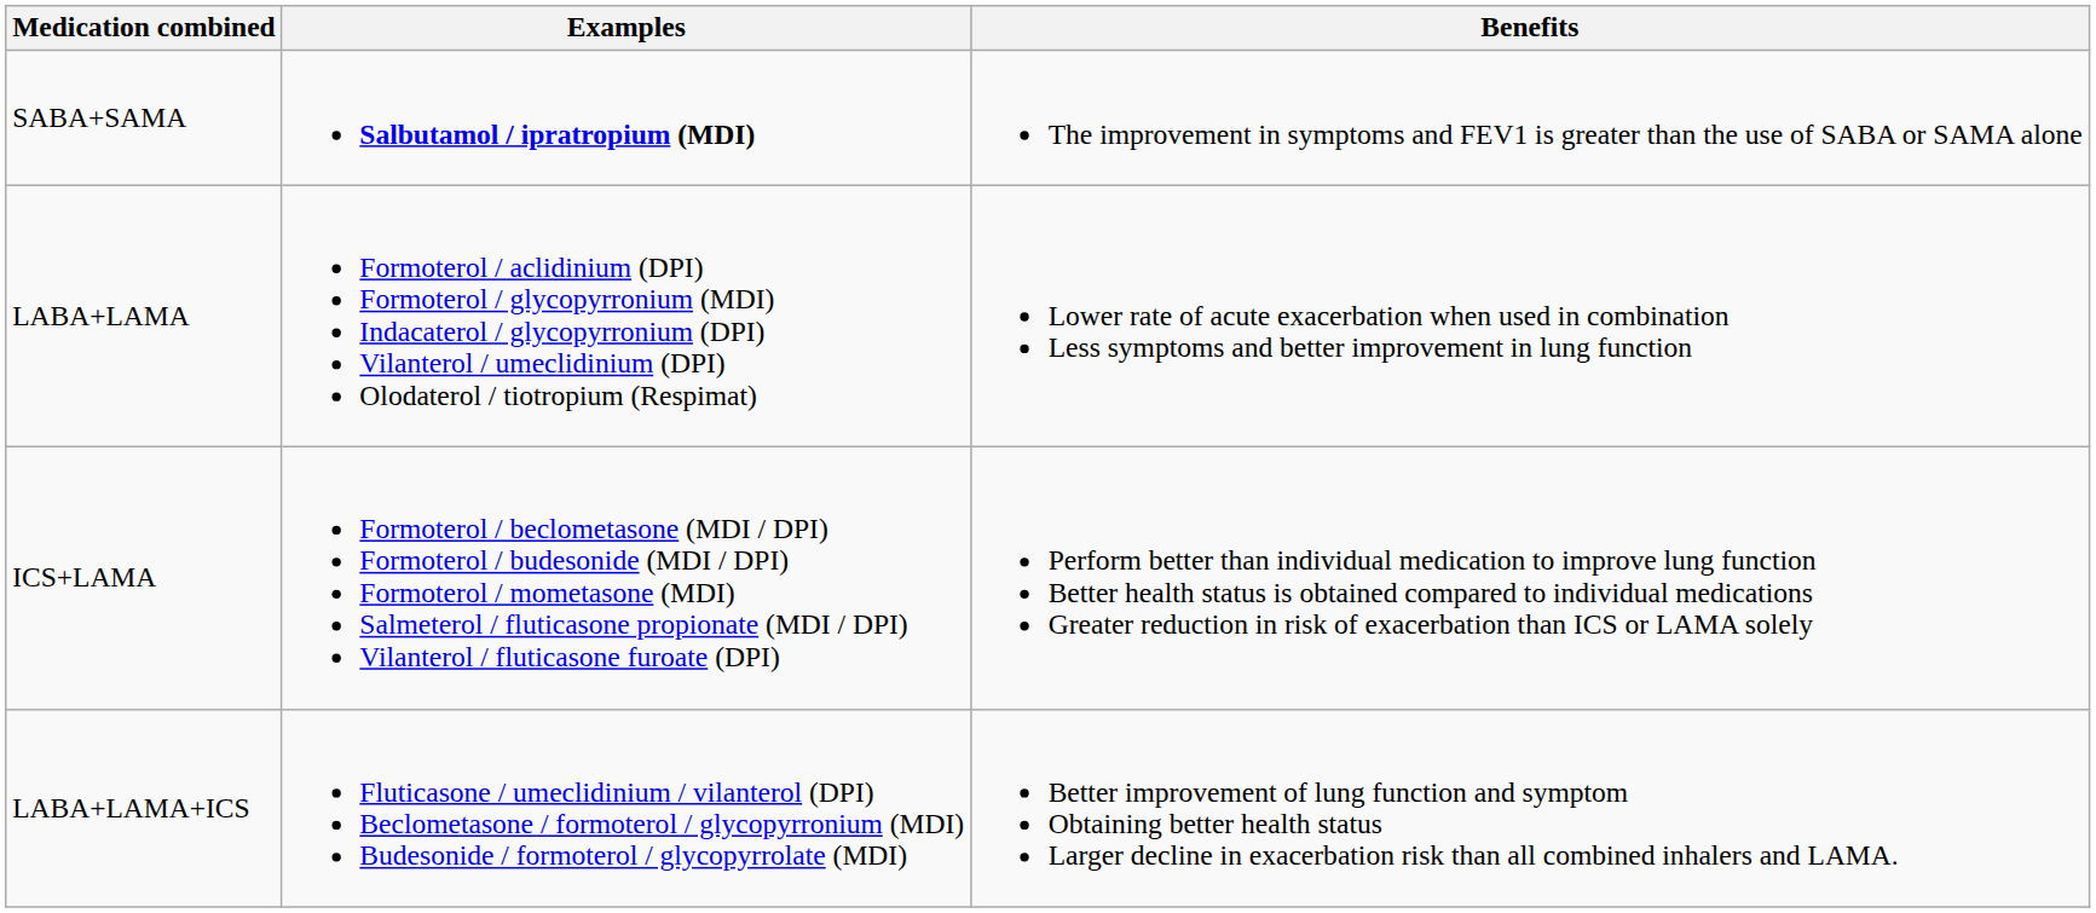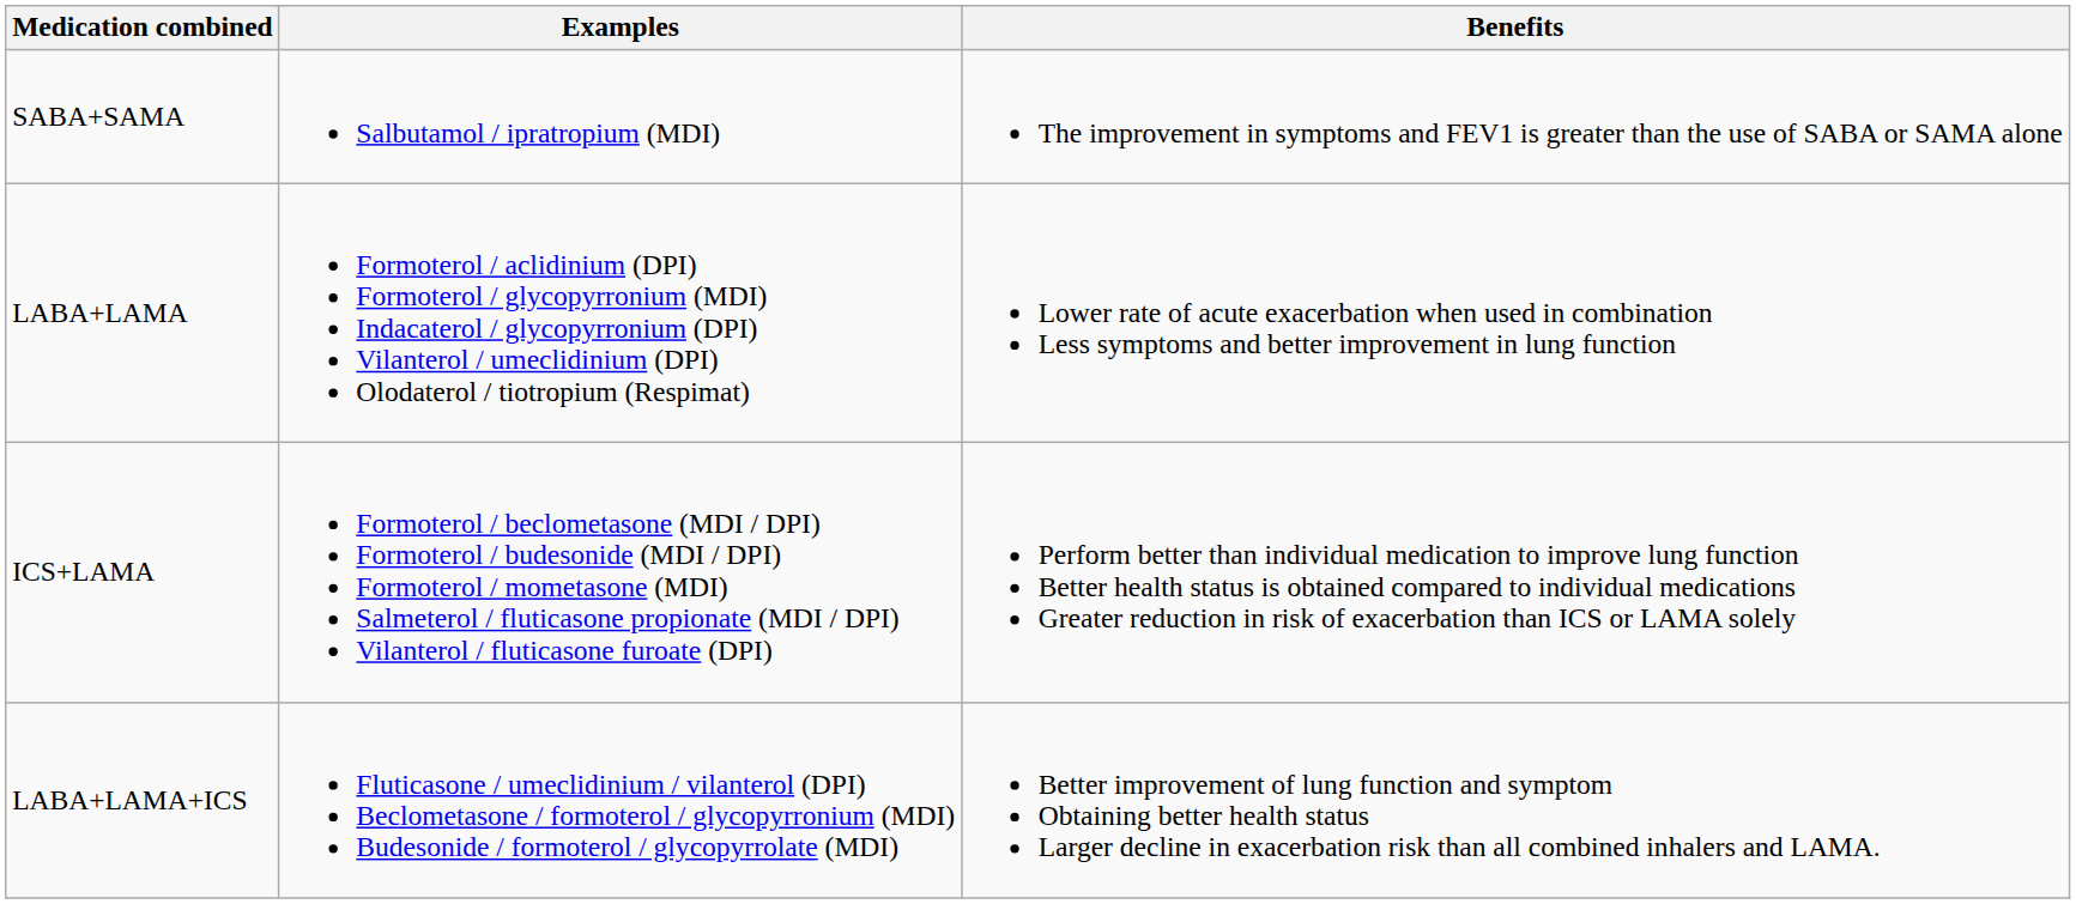 <table class="wikitable">
 <tr>
 <th>Medication combined</th>
 <th>Examples</th>
 <th>Benefits</th>
 </tr>
 <tr>
 <td>SABA+SAMA</td>
-<td><strong><br><ul><li><a href='#'>Salbutamol / ipratropium</a> (MDI)</li></ul></strong></td>
+<td><br><ul><li><a href='#'>Salbutamol / ipratropium</a> (MDI)</li></ul></td>
 <td><br><ul><li>The improvement in symptoms and FEV1 is greater than the use of SABA or SAMA alone</li></ul></td>
 </tr>
 <tr>
 <td>LABA+LAMA</td>
 <td><br><ul><li><a href='#'>Formoterol / aclidinium</a> (DPI)</li><li><a href='#'>Formoterol / glycopyrronium</a> (MDI)</li><li><a href='#'>Indacaterol / glycopyrronium</a> (DPI)</li><li><a href='#'>Vilanterol / umeclidinium</a> (DPI)</li><li>Olodaterol / tiotropium (Respimat)</li></ul></td>
 <td><br><ul><li>Lower rate of acute exacerbation when used in combination</li><li>Less symptoms and better improvement in lung function</li></ul></td>
 </tr>
 <tr>
 <td>ICS+LAMA</td>
 <td><br><ul><li><a href='#'>Formoterol / beclometasone</a> (MDI / DPI)</li><li><a href='#'>Formoterol / budesonide</a> (MDI / DPI)</li><li><a href='#'>Formoterol / mometasone</a> (MDI)</li><li><a href='#'>Salmeterol / fluticasone propionate</a> (MDI / DPI)</li><li><a href='#'>Vilanterol / fluticasone furoate</a> (DPI)</li></ul></td>
 <td><br><ul><li>Perform better than individual medication to improve lung function</li><li>Better health status is obtained compared to individual medications</li><li>Greater reduction in risk of exacerbation than ICS or LAMA solely</li></ul></td>
 </tr>
 <tr>
 <td>LABA+LAMA+ICS</td>
 <td><br><ul><li><a href='#'>Fluticasone / umeclidinium / vilanterol</a> (DPI)</li><li><a href='#'>Beclometasone / formoterol / glycopyrronium</a> (MDI)</li><li><a href='#'>Budesonide / formoterol / glycopyrrolate</a> (MDI)</li></ul></td>
 <td><br><ul><li>Better improvement of lung function and symptom</li><li>Obtaining better health status</li><li>Larger decline in exacerbation risk than all combined inhalers and LAMA.</li></ul></td>
 </tr>
 </table>
